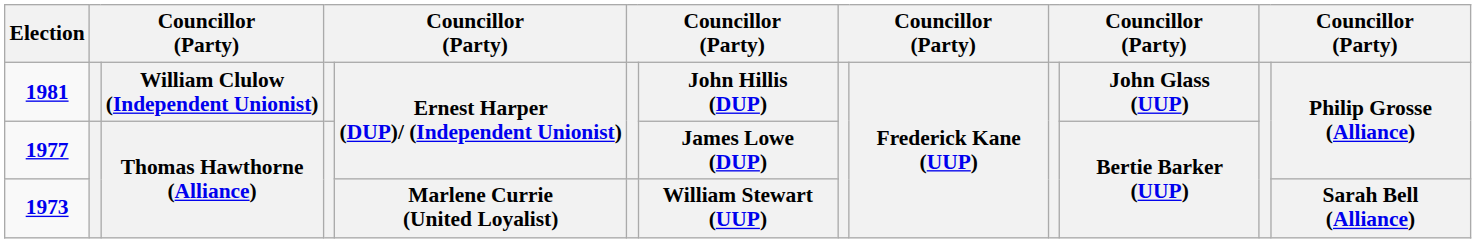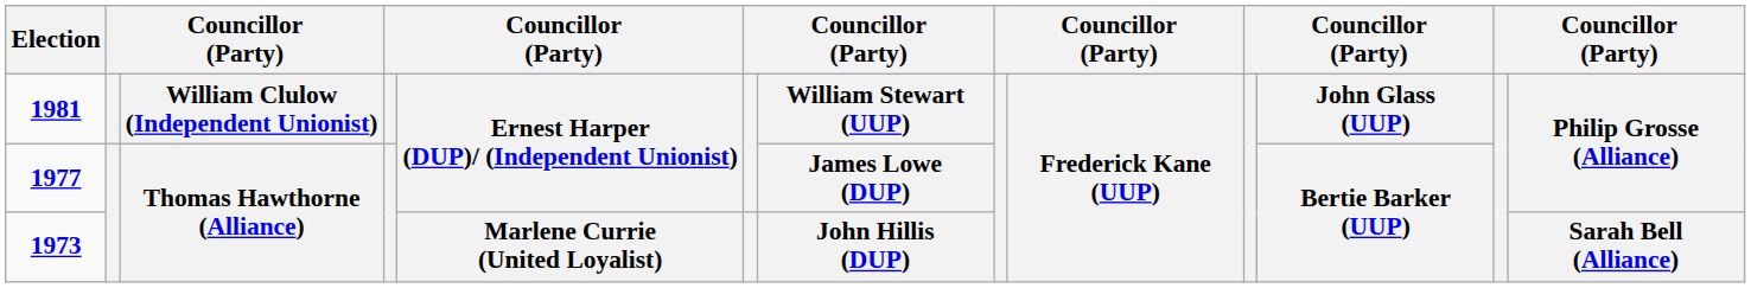 <table class="wikitable" style="text-align:center">
 <tr>
 <th scope="col" width="50">Election</th>
 <th scope="col" width="150" colspan = "2">Councillor<br> (Party)</th>
 <th scope="col" width="150" colspan = "2">Councillor<br> (Party)</th>
 <th scope="col" width="150" colspan = "2">Councillor<br> (Party)</th>
 <th scope="col" width="150" colspan = "2">Councillor<br> (Party)</th>
 <th scope="col" width="150" colspan = "2">Councillor<br> (Party)</th>
 <th scope="col" width="150" colspan = "2">Councillor<br> (Party)</th>
 </tr>
 <tr>
 <td><strong><a href='#'>1981</a></strong></td>
 <th rowspan="1" width="1" style="background-color: "></th>
 <th rowspan = "1">William Clulow <br> (<a href='#'>Independent Unionist</a>)</th>
 <th rowspan="1" width="1" style="background-color: "></th>
 <th rowspan = "2">Ernest Harper <br> (<a href='#'>DUP</a>)/ (<a href='#'>Independent Unionist</a>)</th>
 <th rowspan="2" width="1" style="background-color: "></th>
-<th rowspan = "1">John Hillis <br> (<a href='#'>DUP</a>)</th>
+<th rowspan = "1">William Stewart <br> (<a href='#'>UUP</a>)</th>
 <th rowspan="3" width="1" style="background-color: "></th>
 <th rowspan = "3">Frederick Kane <br> (<a href='#'>UUP</a>)</th>
 <th rowspan="3" width="1" style="background-color: "></th>
 <th rowspan = "1">John Glass <br> (<a href='#'>UUP</a>)</th>
 <th rowspan="3" width="1" style="background-color: "></th>
 <th rowspan = "2">Philip Grosse <br> (<a href='#'>Alliance</a>)</th>
 </tr>
 <tr>
 <td><strong><a href='#'>1977</a></strong></td>
 <th rowspan="2" width="1" style="background-color: "></th>
 <th rowspan = "2">Thomas Hawthorne <br> (<a href='#'>Alliance</a>)</th>
 <th rowspan="2" width="1" style="background-color: "></th>
 <th rowspan = "1">James Lowe <br> (<a href='#'>DUP</a>)</th>
 <th rowspan = "2">Bertie Barker <br> (<a href='#'>UUP</a>)</th>
 </tr>
 <tr>
 <td><strong><a href='#'>1973</a></strong></td>
 <th rowspan = "1">Marlene Currie <br> (United Loyalist)</th>
 <th rowspan="1" width="1" style="background-color: "></th>
-<th rowspan = "1">William Stewart <br> (<a href='#'>UUP</a>)</th>
+<th rowspan = "1">John Hillis <br> (<a href='#'>DUP</a>)</th>
 <th rowspan = "1">Sarah Bell <br> (<a href='#'>Alliance</a>)</th>
 </tr>
 </table>
